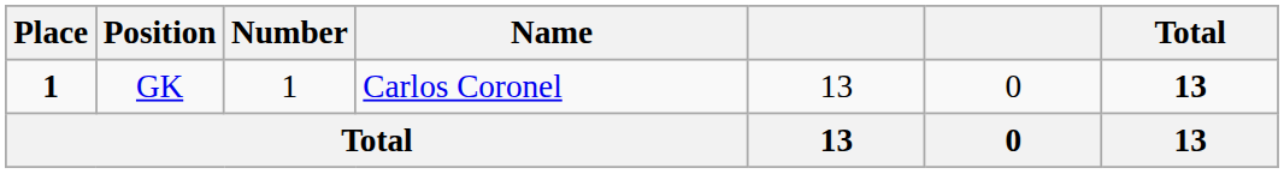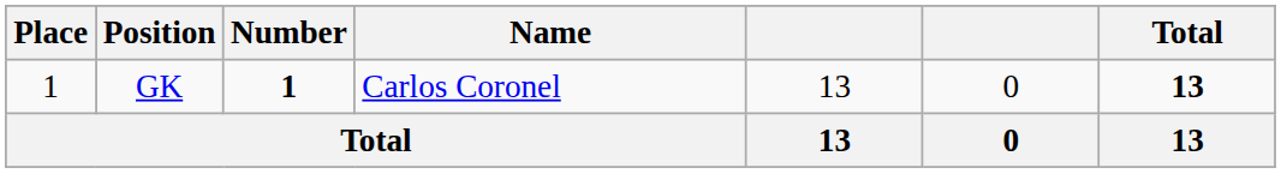 <table class="wikitable" style="font-size: 95%; text-align: center;">
 <tr>
 <th width=30>Place</th>
 <th width=30>Position</th>
 <th width=30>Number</th>
 <th width=175>Name</th>
 <th width=75></th>
 <th width=75></th>
 <th width=75>Total</th>
 </tr>
 <tr>
+<td>1</td>
+<td><a href='#'>GK</a></td>
 <td><strong>1</strong></td>
-<td><a href='#'>GK</a></td>
-<td>1</td>
 <td align="left"> <a href='#'>Carlos Coronel</a></td>
 <td>13</td>
 <td>0</td>
 <td><strong>13</strong></td>
 </tr>
 <tr>
 <th colspan="4">Total</th>
 <th>13</th>
 <th>0</th>
 <th>13</th>
 </tr>
 </table>
